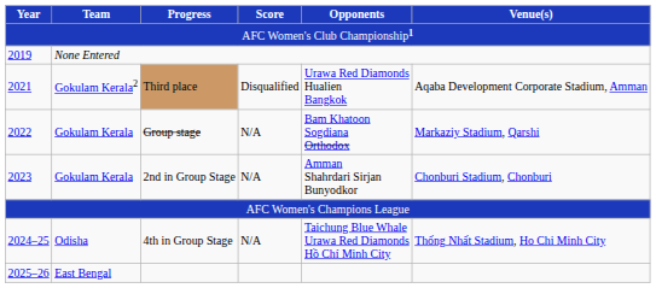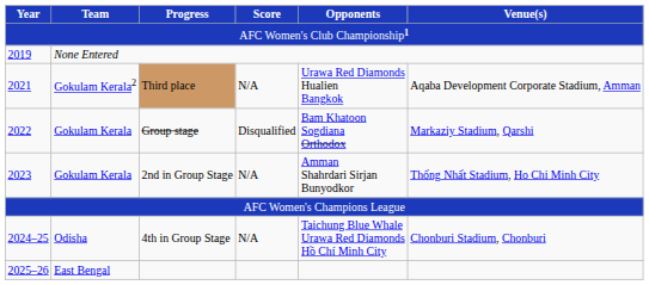 <table class="wikitable">
 <tr>
 <th style="background:#1C39BC; color:white; text-align:center;">Year</th>
 <th style="background:#1C39BC; color:white; text-align:center;">Team</th>
 <th style="background:#1C39BC; color:white; text-align:center;">Progress</th>
 <th style="background:#1C39BC; color:white; text-align:center;">Score</th>
 <th style="background:#1C39BC; color:white; text-align:center;">Opponents</th>
 <th style="background:#1C39BC; color:white; text-align:center;">Venue(s)</th>
 </tr>
 <tr>
 <td colspan=6 style="background:#1C39BC; color:white; text-align:center;">AFC Women's Club Championship<sup><strong>1</strong></sup></td>
 </tr>
 <tr>
 <td><a href='#'>2019</a></td>
 <td colspan="5"><em>None Entered</em></td>
 </tr>
 <tr>
 <td><a href='#'>2021</a></td>
 <td><a href='#'>Gokulam Kerala</a><sup>2</sup></td>
 <td bgcolor="#cc9966">Third place</td>
-<td>Disqualified</td>
+<td>N/A</td>
 <td> <a href='#'>Urawa Red Diamonds</a><br>Hualien<br> <a href='#'>Bangkok</a></td>
 <td>Aqaba Development Corporate Stadium, <a href='#'>Amman</a></td>
 </tr>
 <tr>
 <td><a href='#'>2022</a></td>
 <td><a href='#'>Gokulam Kerala</a></td>
 <td><s>Group stage</s></td>
-<td>N/A</td>
+<td>Disqualified</td>
 <td> <a href='#'>Bam Khatoon</a><br> <a href='#'>Sogdiana</a><br> <s><a href='#'>Orthodox</a></s></td>
 <td><a href='#'>Markaziy Stadium</a>, <a href='#'>Qarshi</a></td>
 </tr>
 <tr>
 <td><a href='#'>2023</a></td>
 <td><a href='#'>Gokulam Kerala</a></td>
 <td>2nd in Group Stage</td>
 <td>N/A</td>
 <td> <a href='#'>Amman</a><br> Shahrdari Sirjan<br> Bunyodkor</td>
-<td><a href='#'>Chonburi Stadium</a>, <a href='#'>Chonburi</a></td>
+<td><a href='#'>Thống Nhất Stadium</a>, <a href='#'>Ho Chi Minh City</a></td>
 </tr>
 <tr>
 <td colspan=6 style="background:#1C39BC; color:white; text-align:center;">AFC Women's Champions League</td>
 </tr>
 <tr>
 <td><a href='#'>2024–25</a></td>
 <td><a href='#'>Odisha</a></td>
 <td>4th in Group Stage</td>
 <td>N/A</td>
 <td> <a href='#'>Taichung Blue Whale</a><br> <a href='#'>Urawa Red Diamonds</a><br> <a href='#'>Hồ Chí Minh City</a></td>
-<td><a href='#'>Thống Nhất Stadium</a>, <a href='#'>Ho Chi Minh City</a></td>
+<td><a href='#'>Chonburi Stadium</a>, <a href='#'>Chonburi</a></td>
 </tr>
 <tr>
 <td><a href='#'>2025–26</a></td>
 <td><a href='#'>East Bengal</a></td>
 <td></td>
 <td></td>
 <td></td>
 <td></td>
 </tr>
 </table>
